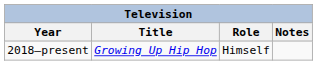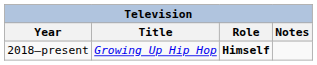 <table class="wikitable">
 <tr style="background:#ccc; text-align:center;">
 <th colspan="4" style="background: LightSteelBlue;">Television</th>
 </tr>
 <tr style="background:#ccc; text-align:center;">
 <th>Year</th>
 <th>Title</th>
 <th>Role</th>
 <th>Notes</th>
 </tr>
 <tr>
 <td>2018–present</td>
 <td><em><a href='#'>Growing Up Hip Hop</a></em></td>
-<td>Himself</td>
+<td><strong>Himself</strong></td>
 <td></td>
 </tr>
 </table>
